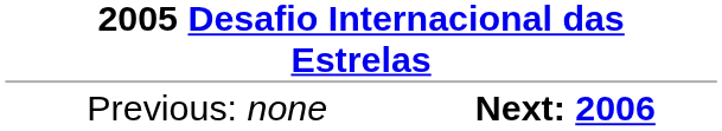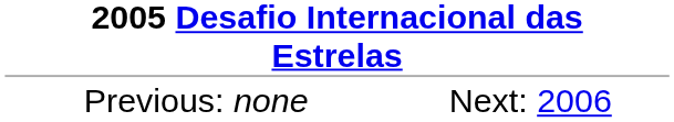 <table style="margin: 0 0 1em 1em; float:right; text-align:center; width: 20em;" class="toccolours">
 <tr>
 <td colspan="2" style="padding:0 1em;border-bottom:1px #aaa solid;"><strong>2005 <a href='#'>Desafio Internacional das Estrelas</a></strong></td>
 </tr>
 <tr>
 <td>Previous: <em>none</em></td>
-<td><strong>Next: <a href='#'>2006</a></strong></td>
+<td>Next: <a href='#'>2006</a></td>
 </tr>
 </table>
